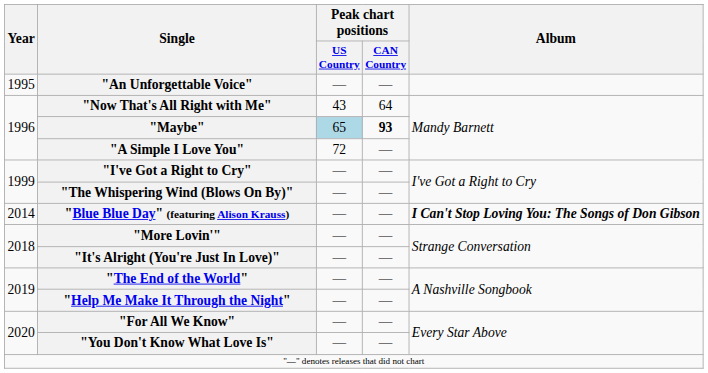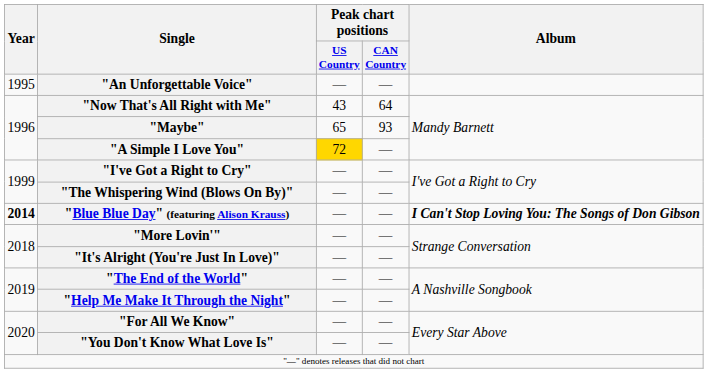 <table class="wikitable plainrowheaders" style="text-align:center;">
 <tr>
 <th rowspan="2">Year</th>
 <th rowspan="2" style="width:20em;">Single</th>
 <th colspan="2">Peak chart<br>positions</th>
 <th rowspan="2">Album</th>
 </tr>
 <tr style="font-size:smaller;">
 <th width="45"><a href='#'>US Country</a></th>
 <th width="45"><a href='#'>CAN Country</a></th>
 </tr>
 <tr>
 <td>1995</td>
 <th scope="row">"An Unforgettable Voice"</th>
 <td>—</td>
 <td>—</td>
 <td></td>
 </tr>
 <tr>
 <td rowspan="3">1996</td>
 <th scope="row">"Now That's All Right with Me"</th>
 <td>43</td>
 <td>64</td>
 <td align="left" rowspan="3"><em>Mandy Barnett</em></td>
 </tr>
 <tr>
 <th scope="row">"Maybe"</th>
-<td style="background: lightblue;">65</td>
-<td><strong>93</strong></td>
+<td>65</td>
+<td>93</td>
 </tr>
 <tr>
 <th scope="row">"A Simple I Love You"</th>
-<td>72</td>
+<td style="background: gold;">72</td>
 <td>—</td>
 </tr>
 <tr>
 <td rowspan="2">1999</td>
 <th scope="row">"I've Got a Right to Cry"</th>
 <td>—</td>
 <td>—</td>
 <td align="left" rowspan="2"><em>I've Got a Right to Cry</em></td>
 </tr>
 <tr>
 <th scope="row">"The Whispering Wind (Blows On By)"</th>
 <td>—</td>
 <td>—</td>
 </tr>
 <tr>
-<td>2014</td>
+<td><strong>2014</strong></td>
 <th scope="row">"<a href='#'>Blue Blue Day</a>" <small>(featuring <a href='#'>Alison Krauss</a>)</small></th>
 <td>—</td>
 <td>—</td>
 <td align="left"><strong><em>I Can't Stop Loving You: The Songs of Don Gibson</em></strong></td>
 </tr>
 <tr>
 <td rowspan="2">2018</td>
 <th scope="row">"More Lovin'"</th>
 <td>—</td>
 <td>—</td>
 <td align="left" rowspan="2"><em>Strange Conversation</em></td>
 </tr>
 <tr>
 <th scope="row">"It's Alright (You're Just In Love)"</th>
 <td>—</td>
 <td>—</td>
 </tr>
 <tr>
 <td rowspan="2">2019</td>
 <th scope="row">"<a href='#'>The End of the World</a>"</th>
 <td>—</td>
 <td>—</td>
 <td align="left" rowspan="2"><em>A Nashville Songbook</em></td>
 </tr>
 <tr>
 <th scope="row">"<a href='#'>Help Me Make It Through the Night</a>"</th>
 <td>—</td>
 <td>—</td>
 </tr>
 <tr>
 <td rowspan="2">2020</td>
 <th scope="row">"For All We Know"</th>
 <td>—</td>
 <td>—</td>
 <td align="left" rowspan="2"><em>Every Star Above</em></td>
 </tr>
 <tr>
 <th scope="row">"You Don't Know What Love Is"</th>
 <td>—</td>
 <td>—</td>
 </tr>
 <tr>
 <td colspan="5" style="font-size:8pt">"—" denotes releases that did not chart</td>
 </tr>
 </table>
